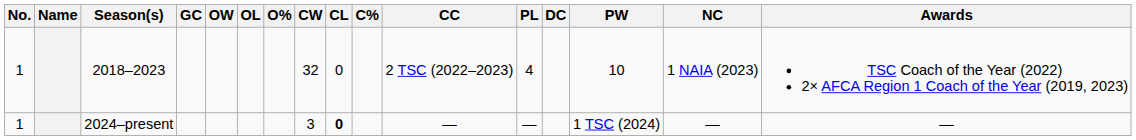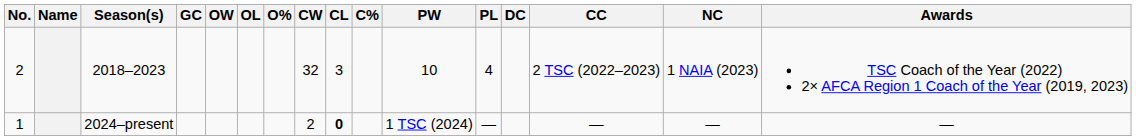 <table class="wikitable sortable plainrowheaders" style="text-align:center">
 <tr>
 <th scope="col" class="unsortable">No.</th>
 <th scope="col">Name</th>
 <th scope="col">Season(s)</th>
 <th scope="col">GC</th>
 <th scope="col">OW</th>
 <th scope="col">OL</th>
 <th scope="col">O%</th>
 <th scope="col">CW</th>
 <th scope="col">CL</th>
 <th scope="col">C%</th>
-<th scope="col">CC</th>
+<th scope="col">PW</th>
 <th scope="col">PL</th>
 <th scope="col">DC</th>
-<th scope="col">PW</th>
+<th scope="col">CC</th>
 <th scope="col">NC</th>
 <th scope="col" class="unsortable">Awards</th>
 </tr>
 <tr>
-<td>1</td>
+<td>2</td>
 <th scope="row"></th>
 <td>2018–2023</td>
 <td></td>
 <td></td>
 <td></td>
 <td></td>
 <td>32</td>
-<td>0</td>
+<td>3</td>
+<td></td>
+<td>10</td>
+<td>4</td>
 <td></td>
 <td>2 <a href='#'>TSC</a> (2022–2023)</td>
-<td>4</td>
-<td></td>
-<td>10</td>
 <td>1 <a href='#'>NAIA</a> (2023)</td>
 <td><br><ul><li><a href='#'>TSC</a> Coach of the Year (2022)</li><li>2× <a href='#'>AFCA Region 1 Coach of the Year</a> (2019, 2023)</li></ul></td>
 </tr>
 <tr>
 <td>1</td>
 <th scope="row"></th>
 <td>2024–present</td>
 <td></td>
 <td></td>
 <td></td>
 <td></td>
-<td>3</td>
+<td>2</td>
 <td><strong>0</strong></td>
 <td></td>
-<td>—</td>
+<td>1 <a href='#'>TSC</a> (2024)</td>
 <td>—</td>
 <td></td>
-<td>1 <a href='#'>TSC</a> (2024)</td>
+<td>—</td>
 <td>—</td>
 <td>—</td>
 </tr>
 </table>
